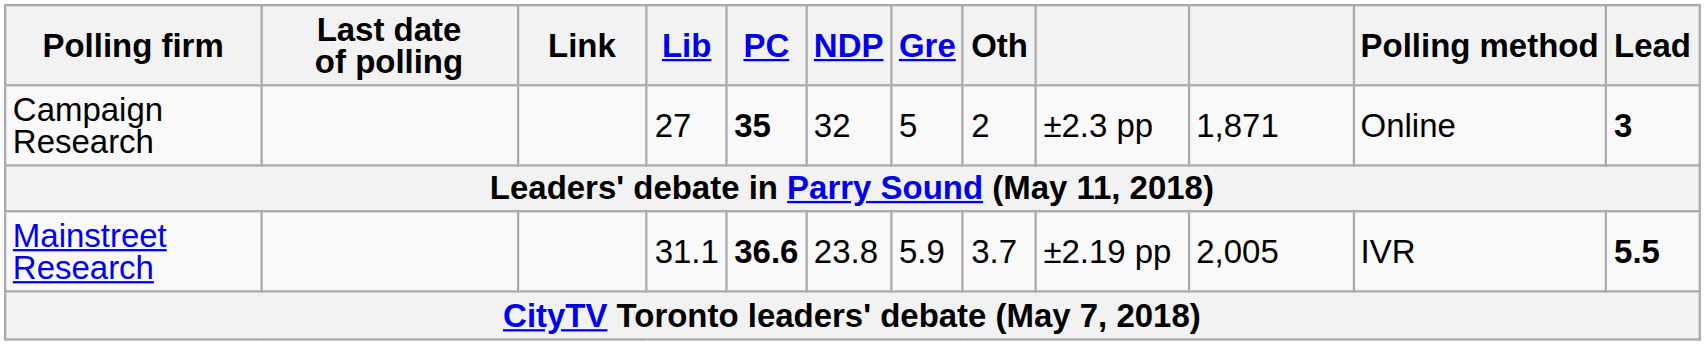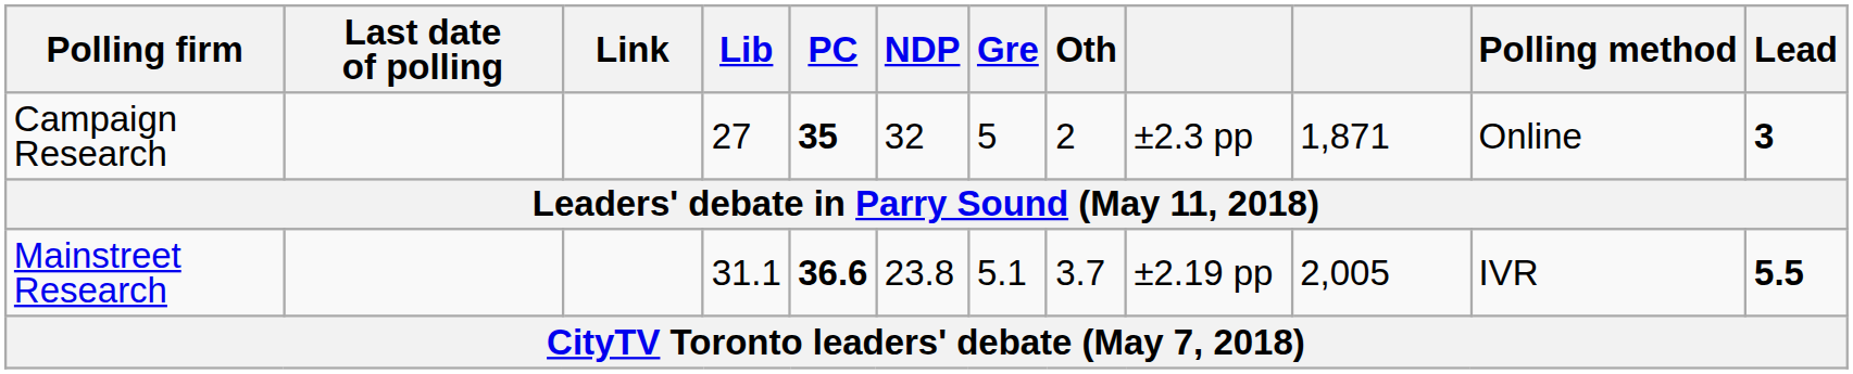 <table class="wikitable collapsible sortable" style="text-align:left;font-size:90%;line-height:14px;">
 <tr style="background:#e9e9e9;">
 <th style="width:105px">Polling firm</th>
 <th style="width:105px">Last date<br>of polling</th>
 <th style="width:50px" class="unsortable">Link</th>
 <th style="background-color:"><strong><a href='#'>Lib</a></strong></th>
 <th style="background-color:"><strong><a href='#'>PC</a></strong></th>
 <th style="background-color:"><strong><a href='#'>NDP</a></strong></th>
 <th style="background-color:"><strong><a href='#'>Gre</a></strong></th>
 <th style="background-color:"><strong>Oth</strong></th>
 <th style="width:60px;" class=unsortable></th>
 <th style="width:65px;" class=unsortable></th>
 <th>Polling method</th>
 <th style="width:20px;" data-sort-type="number">Lead</th>
 </tr>
 <tr>
 <td>Campaign Research</td>
 <td></td>
 <td> </td>
 <td>27</td>
 <td><strong>35</strong></td>
 <td>32</td>
 <td>5</td>
 <td>2</td>
 <td>±2.3 pp</td>
 <td>1,871</td>
 <td>Online</td>
 <td><strong>3</strong></td>
 </tr>
 <tr>
 <th colspan="12">Leaders' debate in <a href='#'>Parry Sound</a> (May 11, 2018)</th>
 </tr>
 <tr>
 <td><a href='#'>Mainstreet Research</a></td>
 <td></td>
 <td></td>
 <td>31.1</td>
 <td><strong>36.6</strong></td>
 <td>23.8</td>
-<td>5.9</td>
+<td>5.1</td>
 <td>3.7</td>
 <td>±2.19 pp</td>
 <td>2,005</td>
 <td>IVR</td>
 <td><strong>5.5</strong></td>
 </tr>
 <tr>
 <th colspan="12"><a href='#'>CityTV</a>  Toronto leaders' debate (May 7, 2018)</th>
 </tr>
 </table>
